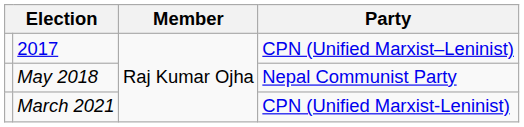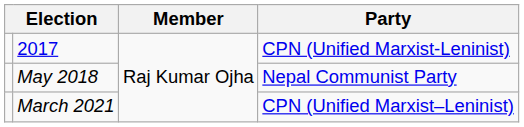 <table class="wikitable">
 <tr>
 <th colspan="2">Election</th>
 <th>Member</th>
 <th>Party</th>
 </tr>
 <tr>
 <td style="background-color:"></td>
 <td><a href='#'>2017</a></td>
 <td rowspan="3">Raj Kumar Ojha</td>
-<td><a href='#'>CPN (Unified Marxist–Leninist)</a></td>
+<td><a href='#'>CPN (Unified Marxist-Leninist)</a></td>
 </tr>
 <tr>
 <td style="background-color:"></td>
 <td><em>May 2018</em></td>
 <td><a href='#'>Nepal Communist Party</a></td>
 </tr>
 <tr>
 <td style="background-color:"></td>
 <td><em>March 2021</em></td>
-<td><a href='#'>CPN (Unified Marxist-Leninist)</a></td>
+<td><a href='#'>CPN (Unified Marxist–Leninist)</a></td>
 </tr>
 </table>
